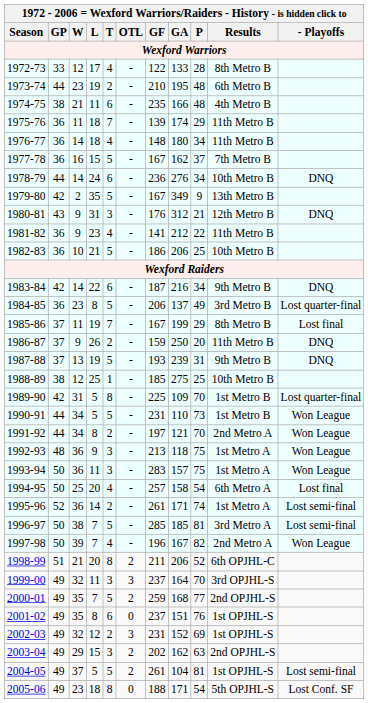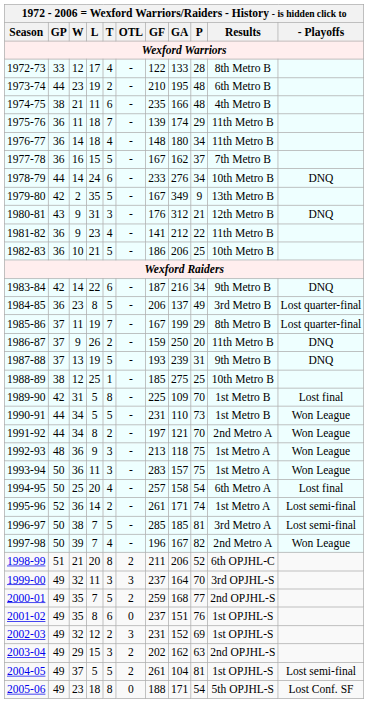 <table class="wikitable collapsible collapsed" style="text-align:center;">
 <tr>
 <th colspan=12 bgcolor="#822433" text_color=white><strong>1972 - 2006 = Wexford Warriors/Raiders - History</strong> <small>- is hidden click to </small></th>
 </tr>
 <tr>
 <th>Season</th>
 <th>GP</th>
 <th>W</th>
 <th>L</th>
 <th>T</th>
 <th>OTL</th>
 <th>GF</th>
 <th>GA</th>
 <th>P</th>
 <th>Results</th>
 <th>- Playoffs</th>
 </tr>
 <tr bgcolor="#ffeeee">
 <td colspan=11><strong><em>Wexford Warriors</em></strong></td>
 </tr>
 <tr bgcolor="#eeffff">
 <td>1972-73</td>
 <td>33</td>
 <td>12</td>
 <td>17</td>
 <td>4</td>
 <td>-</td>
 <td>122</td>
 <td>133</td>
 <td>28</td>
 <td>8th Metro B</td>
 <td></td>
 </tr>
 <tr bgcolor="#EEFFFF">
 <td>1973-74</td>
 <td>44</td>
 <td>23</td>
 <td>19</td>
 <td>2</td>
 <td>-</td>
 <td>210</td>
 <td>195</td>
 <td>48</td>
 <td>6th Metro B</td>
 <td></td>
 </tr>
 <tr bgcolor="#EEFFFF">
 <td>1974-75</td>
 <td>38</td>
 <td>21</td>
 <td>11</td>
 <td>6</td>
 <td>-</td>
 <td>235</td>
 <td>166</td>
 <td>48</td>
 <td>4th Metro B</td>
 <td></td>
 </tr>
 <tr bgcolor="#EEFFFF">
 <td>1975-76</td>
 <td>36</td>
 <td>11</td>
 <td>18</td>
 <td>7</td>
 <td>-</td>
 <td>139</td>
 <td>174</td>
 <td>29</td>
 <td>11th Metro B</td>
 <td></td>
 </tr>
 <tr bgcolor="#eeffff">
 <td>1976-77</td>
 <td>36</td>
 <td>14</td>
 <td>18</td>
 <td>4</td>
 <td>-</td>
 <td>148</td>
 <td>180</td>
 <td>34</td>
 <td>11th Metro B</td>
 <td></td>
 </tr>
 <tr bgcolor="#eeffff">
 <td>1977-78</td>
 <td>36</td>
 <td>16</td>
 <td>15</td>
 <td>5</td>
 <td>-</td>
 <td>167</td>
 <td>162</td>
 <td>37</td>
 <td>7th Metro B</td>
 <td></td>
 </tr>
 <tr bgcolor="#eeffff">
 <td>1978-79</td>
 <td>44</td>
 <td>14</td>
 <td>24</td>
 <td>6</td>
 <td>-</td>
-<td>236</td>
+<td>233</td>
 <td>276</td>
 <td>34</td>
 <td>10th Metro B</td>
 <td>DNQ</td>
 </tr>
 <tr bgcolor="#eeffff">
 <td>1979-80</td>
 <td>42</td>
 <td>2</td>
 <td>35</td>
 <td>5</td>
 <td>-</td>
 <td>167</td>
 <td>349</td>
 <td>9</td>
 <td>13th Metro B</td>
 <td></td>
 </tr>
 <tr bgcolor="#eeffff">
 <td>1980-81</td>
 <td>43</td>
 <td>9</td>
 <td>31</td>
 <td>3</td>
 <td>-</td>
 <td>176</td>
 <td>312</td>
 <td>21</td>
 <td>12th Metro B</td>
 <td>DNQ</td>
 </tr>
 <tr bgcolor="#eeffff">
 <td>1981-82</td>
 <td>36</td>
 <td>9</td>
 <td>23</td>
 <td>4</td>
 <td>-</td>
 <td>141</td>
 <td>212</td>
 <td>22</td>
 <td>11th Metro B</td>
 <td></td>
 </tr>
 <tr bgcolor="#eeffff">
 <td>1982-83</td>
 <td>36</td>
 <td>10</td>
 <td>21</td>
 <td>5</td>
 <td>-</td>
 <td>186</td>
 <td>206</td>
 <td>25</td>
 <td>10th Metro B</td>
 <td></td>
 </tr>
 <tr bgcolor="#ffeeee">
 <td colspan=11><strong><em>Wexford Raiders</em></strong></td>
 </tr>
 <tr bgcolor="#EEFFFF">
 <td>1983-84</td>
 <td>42</td>
 <td>14</td>
 <td>22</td>
 <td>6</td>
 <td>-</td>
 <td>187</td>
 <td>216</td>
 <td>34</td>
 <td>9th Metro B</td>
 <td>DNQ</td>
 </tr>
 <tr bgcolor="#EEFFFF">
 <td>1984-85</td>
 <td>36</td>
 <td>23</td>
 <td>8</td>
 <td>5</td>
 <td>-</td>
 <td>206</td>
 <td>137</td>
 <td>49</td>
 <td>3rd Metro B</td>
 <td>Lost quarter-final</td>
 </tr>
 <tr bgcolor="#EEFFFF">
 <td>1985-86</td>
 <td>37</td>
 <td>11</td>
 <td>19</td>
 <td>7</td>
 <td>-</td>
 <td>167</td>
 <td>199</td>
 <td>29</td>
 <td>8th Metro B</td>
-<td>Lost final</td>
+<td>Lost quarter-final</td>
 </tr>
 <tr bgcolor="#EEFFFF">
 <td>1986-87</td>
 <td>37</td>
 <td>9</td>
 <td>26</td>
 <td>2</td>
 <td>-</td>
 <td>159</td>
 <td>250</td>
 <td>20</td>
 <td>11th Metro B</td>
 <td>DNQ</td>
 </tr>
 <tr bgcolor="#EEFFFF">
 <td>1987-88</td>
 <td>37</td>
 <td>13</td>
 <td>19</td>
 <td>5</td>
 <td>-</td>
 <td>193</td>
 <td>239</td>
 <td>31</td>
 <td>9th Metro B</td>
 <td>DNQ</td>
 </tr>
 <tr bgcolor="#EEFFFF">
 <td>1988-89</td>
 <td>38</td>
 <td>12</td>
 <td>25</td>
 <td>1</td>
 <td>-</td>
 <td>185</td>
 <td>275</td>
 <td>25</td>
 <td>10th Metro B</td>
 <td></td>
 </tr>
 <tr bgcolor="#EEFFFF">
 <td>1989-90</td>
 <td>42</td>
 <td>31</td>
 <td>5</td>
 <td>8</td>
 <td>-</td>
 <td>225</td>
 <td>109</td>
 <td>70</td>
 <td>1st Metro B</td>
-<td>Lost quarter-final</td>
+<td>Lost final</td>
 </tr>
 <tr bgcolor="#EEFFFF">
 <td>1990-91</td>
 <td>44</td>
 <td>34</td>
 <td>5</td>
 <td>5</td>
 <td>-</td>
 <td>231</td>
 <td>110</td>
 <td>73</td>
 <td>1st Metro B</td>
 <td>Won League</td>
 </tr>
 <tr bgcolor="#EEFFFF">
 <td>1991-92</td>
 <td>44</td>
 <td>34</td>
 <td>8</td>
 <td>2</td>
 <td>-</td>
 <td>197</td>
 <td>121</td>
 <td>70</td>
 <td>2nd Metro A</td>
 <td>Won League</td>
 </tr>
 <tr bgcolor="#EEFFFF">
 <td>1992-93</td>
 <td>48</td>
 <td>36</td>
 <td>9</td>
 <td>3</td>
 <td>-</td>
 <td>213</td>
 <td>118</td>
 <td>75</td>
 <td>1st Metro A</td>
 <td>Won League</td>
 </tr>
 <tr bgcolor="#EEFFFF">
 <td>1993-94</td>
 <td>50</td>
 <td>36</td>
 <td>11</td>
 <td>3</td>
 <td>-</td>
 <td>283</td>
 <td>157</td>
 <td>75</td>
 <td>1st Metro A</td>
 <td>Won League</td>
 </tr>
 <tr bgcolor="#EEFFFF">
 <td>1994-95</td>
 <td>50</td>
 <td>25</td>
 <td>20</td>
 <td>4</td>
 <td>-</td>
 <td>257</td>
 <td>158</td>
 <td>54</td>
 <td>6th Metro A</td>
 <td>Lost final</td>
 </tr>
 <tr bgcolor="#EEFFFF">
 <td>1995-96</td>
 <td>52</td>
 <td>36</td>
 <td>14</td>
 <td>2</td>
 <td>-</td>
 <td>261</td>
 <td>171</td>
 <td>74</td>
 <td>1st Metro A</td>
 <td>Lost semi-final</td>
 </tr>
 <tr bgcolor="#EEFFFF">
 <td>1996-97</td>
 <td>50</td>
 <td>38</td>
 <td>7</td>
 <td>5</td>
 <td>-</td>
 <td>285</td>
 <td>185</td>
 <td>81</td>
 <td>3rd Metro A</td>
 <td>Lost semi-final</td>
 </tr>
 <tr bgcolor="#EEFFFF">
 <td>1997-98</td>
 <td>50</td>
 <td>39</td>
 <td>7</td>
 <td>4</td>
 <td>-</td>
 <td>196</td>
 <td>167</td>
 <td>82</td>
 <td>2nd Metro A</td>
 <td>Won League</td>
 </tr>
 <tr>
 <td><a href='#'>1998-99</a></td>
 <td>51</td>
 <td>21</td>
 <td>20</td>
 <td>8</td>
 <td>2</td>
 <td>211</td>
 <td>206</td>
 <td>52</td>
 <td>6th OPJHL-C</td>
 <td></td>
 </tr>
 <tr>
 <td><a href='#'>1999-00</a></td>
 <td>49</td>
 <td>32</td>
 <td>11</td>
 <td>3</td>
 <td>3</td>
 <td>237</td>
 <td>164</td>
 <td>70</td>
 <td>3rd OPJHL-S</td>
 <td></td>
 </tr>
 <tr>
 <td><a href='#'>2000-01</a></td>
 <td>49</td>
 <td>35</td>
 <td>7</td>
 <td>5</td>
 <td>2</td>
 <td>259</td>
 <td>168</td>
 <td>77</td>
 <td>2nd OPJHL-S</td>
 <td></td>
 </tr>
 <tr>
 <td><a href='#'>2001-02</a></td>
 <td>49</td>
 <td>35</td>
 <td>8</td>
 <td>6</td>
 <td>0</td>
 <td>237</td>
 <td>151</td>
 <td>76</td>
 <td>1st OPJHL-S</td>
 <td></td>
 </tr>
 <tr>
 <td><a href='#'>2002-03</a></td>
 <td>49</td>
 <td>32</td>
 <td>12</td>
 <td>2</td>
 <td>3</td>
 <td>231</td>
 <td>152</td>
 <td>69</td>
 <td>1st OPJHL-S</td>
 <td></td>
 </tr>
 <tr>
 <td><a href='#'>2003-04</a></td>
 <td>49</td>
 <td>29</td>
 <td>15</td>
 <td>3</td>
 <td>2</td>
 <td>202</td>
 <td>162</td>
 <td>63</td>
 <td>2nd OPJHL-S</td>
 <td></td>
 </tr>
 <tr>
 <td><a href='#'>2004-05</a></td>
 <td>49</td>
 <td>37</td>
 <td>5</td>
 <td>5</td>
 <td>2</td>
 <td>261</td>
 <td>104</td>
 <td>81</td>
 <td>1st OPJHL-S</td>
 <td>Lost semi-final</td>
 </tr>
 <tr>
 <td><a href='#'>2005-06</a></td>
 <td>49</td>
 <td>23</td>
 <td>18</td>
 <td>8</td>
 <td>0</td>
 <td>188</td>
 <td>171</td>
 <td>54</td>
 <td>5th OPJHL-S</td>
 <td>Lost Conf. SF</td>
 </tr>
 </table>
